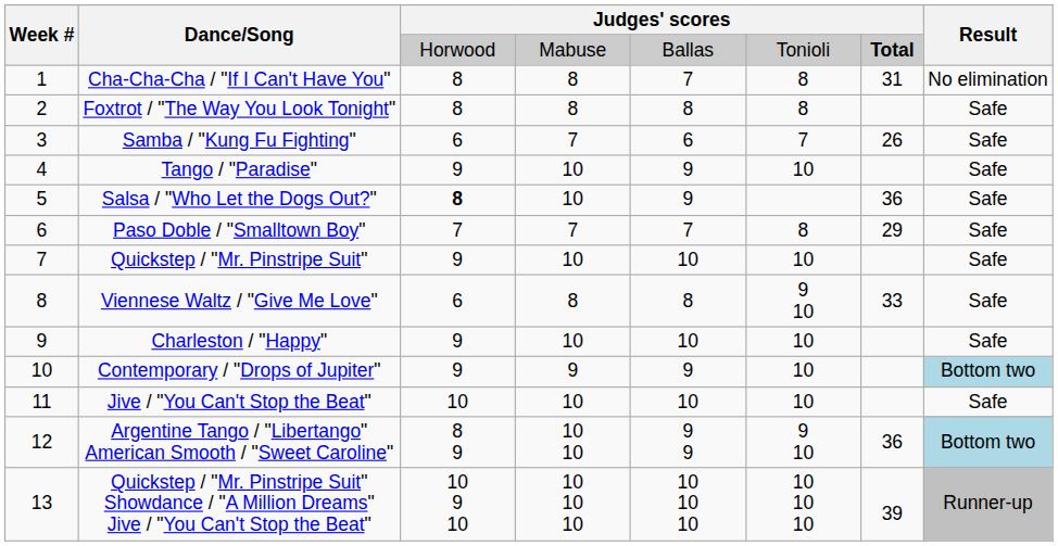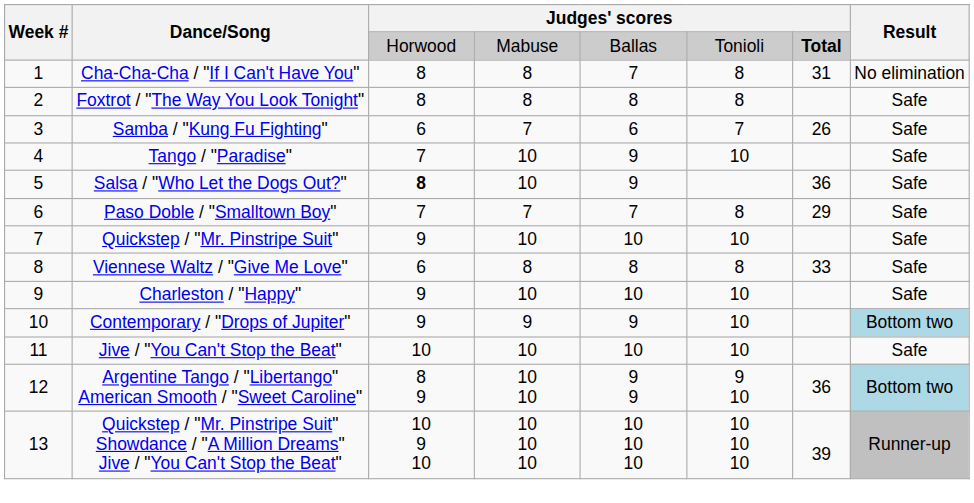 <table class="wikitable collapsible collapsed">
 <tr style="text-align:center; background:#ccc;">
 <th rowspan="2">Week #</th>
 <th rowspan="2">Dance/Song</th>
 <th colspan="5">Judges' scores</th>
 <th rowspan="2">Result</th>
 </tr>
 <tr style="text-align:center; background:#ccc;">
 <td style="width:11%; ">Horwood</td>
 <td style="width:11%; ">Mabuse</td>
 <td style="width:11%; ">Ballas</td>
 <td style="width:11%; ">Tonioli</td>
 <td style="width:6%; "><strong>Total</strong></td>
 </tr>
 <tr style="text-align:center;">
 <td>1</td>
 <td><a href='#'>Cha-Cha-Cha</a> / "<a href='#'>If I Can't Have You</a>"</td>
 <td>8</td>
 <td>8</td>
 <td>7</td>
 <td>8</td>
 <td>31</td>
 <td>No elimination</td>
 </tr>
 <tr style="text-align:center;">
 <td>2</td>
 <td><a href='#'>Foxtrot</a> / "<a href='#'>The Way You Look Tonight</a>"</td>
 <td>8</td>
 <td>8</td>
 <td>8</td>
 <td>8</td>
 <td></td>
 <td>Safe</td>
 </tr>
 <tr style="text-align:center;">
 <td>3</td>
 <td><a href='#'>Samba</a> / "<a href='#'>Kung Fu Fighting</a>"</td>
 <td>6</td>
 <td>7</td>
 <td>6</td>
 <td>7</td>
 <td>26</td>
 <td>Safe</td>
 </tr>
 <tr style="text-align:center;">
 <td>4</td>
 <td><a href='#'>Tango</a> / "<a href='#'>Paradise</a>"</td>
-<td>9</td>
+<td>7</td>
 <td>10</td>
 <td>9</td>
 <td>10</td>
 <td></td>
 <td>Safe</td>
 </tr>
 <tr style="text-align:center;">
 <td>5</td>
 <td><a href='#'>Salsa</a> / "<a href='#'>Who Let the Dogs Out?</a>"</td>
 <td><strong>8</strong></td>
 <td>10</td>
 <td>9</td>
 <td></td>
 <td>36</td>
 <td>Safe</td>
 </tr>
 <tr style="text-align:center;">
 <td>6</td>
 <td><a href='#'>Paso Doble</a> / "<a href='#'>Smalltown Boy</a>"</td>
 <td>7</td>
 <td>7</td>
 <td>7</td>
 <td>8</td>
 <td>29</td>
 <td>Safe</td>
 </tr>
 <tr style="text-align:center;">
 <td>7</td>
 <td><a href='#'>Quickstep</a> / "<a href='#'>Mr. Pinstripe Suit</a>"</td>
 <td>9</td>
 <td>10</td>
 <td>10</td>
 <td>10</td>
 <td></td>
 <td>Safe</td>
 </tr>
 <tr style="text-align:center;">
 <td>8</td>
 <td><a href='#'>Viennese Waltz</a> / "<a href='#'>Give Me Love</a>"</td>
 <td>6</td>
 <td>8</td>
 <td>8</td>
-<td>9<br>10</td>
+<td>8</td>
 <td>33</td>
 <td>Safe</td>
 </tr>
 <tr style="text-align:center;">
 <td>9</td>
 <td><a href='#'>Charleston</a> / "<a href='#'>Happy</a>"</td>
 <td>9</td>
 <td>10</td>
 <td>10</td>
 <td>10</td>
 <td></td>
 <td>Safe</td>
 </tr>
 <tr style="text-align:center;">
 <td>10</td>
 <td><a href='#'>Contemporary</a> / "<a href='#'>Drops of Jupiter</a>"</td>
 <td>9</td>
 <td>9</td>
 <td>9</td>
 <td>10</td>
 <td></td>
 <td bgcolor=lightblue>Bottom two</td>
 </tr>
 <tr style="text-align:center;">
 <td>11</td>
 <td><a href='#'>Jive</a> / "<a href='#'>You Can't Stop the Beat</a>"</td>
 <td>10</td>
 <td>10</td>
 <td>10</td>
 <td>10</td>
 <td></td>
 <td>Safe</td>
 </tr>
 <tr style="text-align:center;">
 <td>12</td>
 <td><a href='#'>Argentine Tango</a> / "<a href='#'>Libertango</a>"<br><a href='#'>American Smooth</a> / "<a href='#'>Sweet Caroline</a>"</td>
 <td>8<br>9</td>
 <td>10<br>10</td>
 <td>9<br>9</td>
 <td>9<br>10</td>
 <td>36<br></td>
 <td bgcolor=lightblue>Bottom two</td>
 </tr>
 <tr style="text-align:center;">
 <td>13</td>
 <td><a href='#'>Quickstep</a> / "<a href='#'>Mr. Pinstripe Suit</a>"<br><a href='#'>Showdance</a> / "<a href='#'>A Million Dreams</a>"<br><a href='#'>Jive</a> / "<a href='#'>You Can't Stop the Beat</a>"</td>
 <td>10<br>9<br>10</td>
 <td>10<br>10<br>10</td>
 <td>10<br>10<br>10</td>
 <td>10<br>10<br>10</td>
 <td><br>39<br></td>
 <td bgcolor=silver>Runner-up</td>
 </tr>
 </table>
